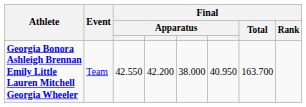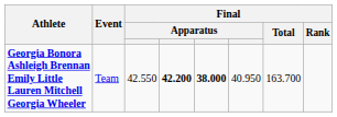 <table class=wikitable style=font-size:90%;text-align:center>
 <tr>
 <th rowspan=3>Athlete</th>
 <th rowspan=3>Event</th>
 <th colspan=6>Final</th>
 </tr>
 <tr style=font-size:95%>
 <th colspan=4>Apparatus</th>
 <th rowspan=2>Total</th>
 <th rowspan=2>Rank</th>
 </tr>
 <tr style=font-size:95%>
 <th></th>
 <th></th>
 <th></th>
 <th></th>
 </tr>
 <tr align=center>
 <td align=left><strong><a href='#'>Georgia Bonora</a><br><a href='#'>Ashleigh Brennan</a><br><a href='#'>Emily Little</a><br><a href='#'>Lauren Mitchell</a><br><a href='#'>Georgia Wheeler</a></strong></td>
 <td align=left><a href='#'>Team</a></td>
 <td>42.550</td>
-<td>42.200</td>
-<td>38.000</td>
+<td><strong>42.200</strong></td>
+<td><strong>38.000</strong></td>
 <td>40.950</td>
 <td>163.700</td>
 <td></td>
 </tr>
 </table>
